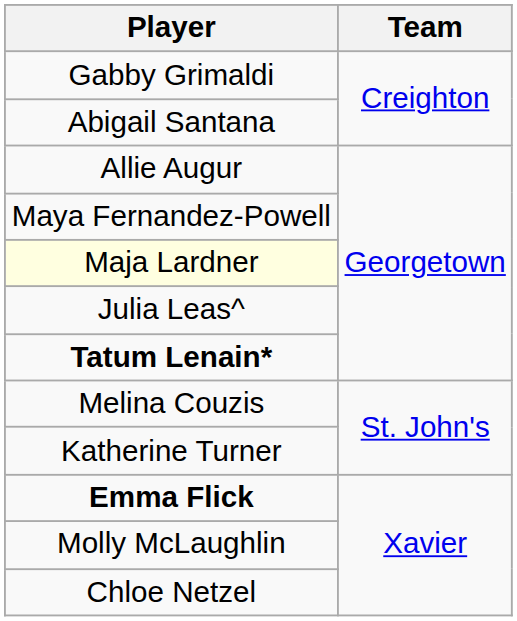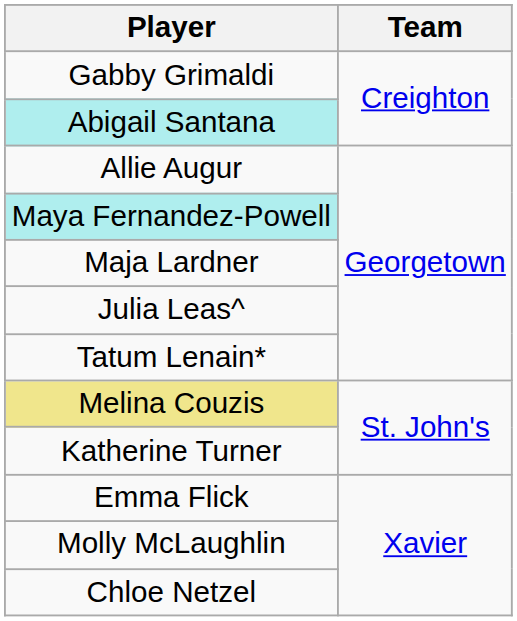 <table class="wikitable" style="text-align: center;">
 <tr>
 <th>Player</th>
 <th>Team</th>
 </tr>
 <tr>
 <td>Gabby Grimaldi</td>
 <td rowspan=2><a href='#'>Creighton</a></td>
 </tr>
 <tr>
-<td>Abigail Santana</td>
+<td style="background: paleturquoise;">Abigail Santana</td>
 </tr>
 <tr>
 <td>Allie Augur</td>
 <td rowspan=5><a href='#'>Georgetown</a></td>
 </tr>
 <tr>
-<td>Maya Fernandez-Powell</td>
+<td style="background: paleturquoise;">Maya Fernandez-Powell</td>
 </tr>
 <tr>
-<td style="background: lightyellow;">Maja Lardner</td>
+<td>Maja Lardner</td>
 </tr>
 <tr>
 <td>Julia Leas^</td>
 </tr>
 <tr>
-<td><strong>Tatum Lenain*</strong></td>
+<td>Tatum Lenain*</td>
 </tr>
 <tr>
-<td>Melina Couzis</td>
+<td style="background: khaki;">Melina Couzis</td>
 <td rowspan=2><a href='#'>St. John's</a></td>
 </tr>
 <tr>
 <td>Katherine Turner</td>
 </tr>
 <tr>
-<td><strong>Emma Flick</strong></td>
+<td>Emma Flick</td>
 <td rowspan=3><a href='#'>Xavier</a></td>
 </tr>
 <tr>
 <td>Molly McLaughlin</td>
 </tr>
 <tr>
 <td>Chloe Netzel</td>
 </tr>
 </table>
